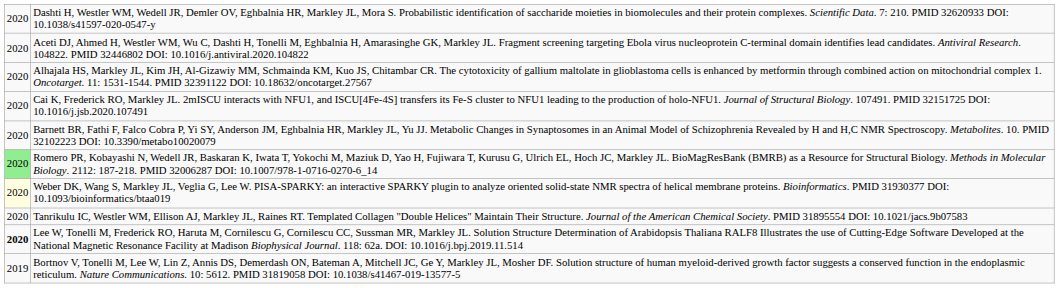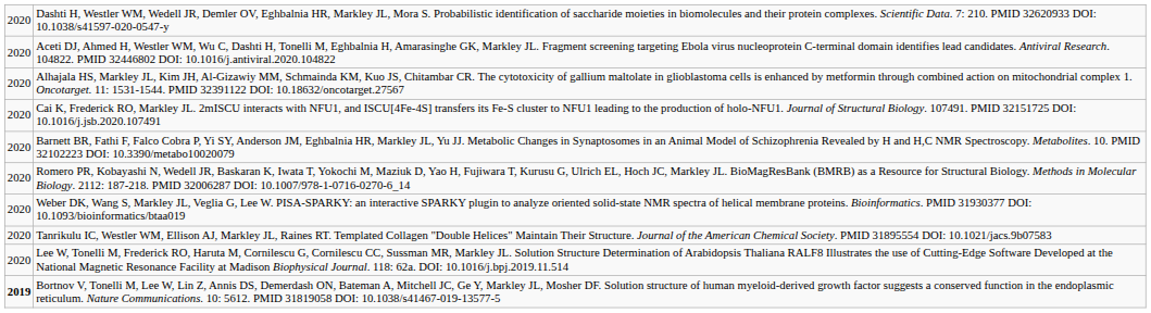 <table class="wikitable">
 <tr>
 <td>2020</td>
 <td>Dashti H, Westler WM, Wedell JR, Demler OV, Eghbalnia HR, Markley JL, Mora S. Probabilistic identification of saccharide moieties in biomolecules and their protein complexes. <em>Scientific Data</em>. 7: 210. PMID 32620933 DOI: 10.1038/s41597-020-0547-y</td>
 </tr>
 <tr>
 <td>2020</td>
 <td>Aceti DJ, Ahmed H, Westler WM, Wu C, Dashti H, Tonelli M, Eghbalnia H, Amarasinghe GK, Markley JL. Fragment screening targeting Ebola virus nucleoprotein C-terminal domain identifies lead candidates. <em>Antiviral Research</em>. 104822. PMID 32446802 DOI: 10.1016/j.antiviral.2020.104822</td>
 </tr>
 <tr>
 <td>2020</td>
 <td>Alhajala HS, Markley JL, Kim JH, Al-Gizawiy MM, Schmainda KM, Kuo JS, Chitambar CR. The cytotoxicity of gallium maltolate in glioblastoma cells is enhanced by metformin through combined action on mitochondrial complex 1. <em>Oncotarget</em>. 11: 1531-1544. PMID 32391122 DOI: 10.18632/oncotarget.27567</td>
 </tr>
 <tr>
 <td>2020</td>
 <td>Cai K, Frederick RO, Markley JL. 2mISCU interacts with NFU1, and ISCU[4Fe-4S] transfers its Fe-S cluster to NFU1 leading to the production of holo-NFU1. <em>Journal of Structural Biology</em>. 107491. PMID 32151725 DOI: 10.1016/j.jsb.2020.107491</td>
 </tr>
 <tr>
 <td>2020</td>
 <td>Barnett BR, Fathi F, Falco Cobra P, Yi SY, Anderson JM, Eghbalnia HR, Markley JL, Yu JJ. Metabolic Changes in Synaptosomes in an Animal Model of Schizophrenia Revealed by H and H,C NMR Spectroscopy. <em>Metabolites</em>. 10. PMID 32102223 DOI: 10.3390/metabo10020079</td>
 </tr>
 <tr>
-<td style="background: lightgreen;">2020</td>
+<td>2020</td>
 <td>Romero PR, Kobayashi N, Wedell JR, Baskaran K, Iwata T, Yokochi M, Maziuk D, Yao H, Fujiwara T, Kurusu G, Ulrich EL, Hoch JC, Markley JL. BioMagResBank (BMRB) as a Resource for Structural Biology. <em>Methods in Molecular Biology</em>. 2112: 187-218. PMID 32006287 DOI: 10.1007/978-1-0716-0270-6_14</td>
 </tr>
 <tr>
-<td style="background: lightyellow;">2020</td>
+<td>2020</td>
 <td>Weber DK, Wang S, Markley JL, Veglia G, Lee W. PISA-SPARKY: an interactive SPARKY plugin to analyze oriented solid-state NMR spectra of helical membrane proteins. <em>Bioinformatics</em>. PMID 31930377 DOI: 10.1093/bioinformatics/btaa019</td>
 </tr>
 <tr>
 <td>2020</td>
 <td>Tanrikulu IC, Westler WM, Ellison AJ, Markley JL, Raines RT. Templated Collagen "Double Helices" Maintain Their Structure. <em>Journal of the American Chemical Society</em>. PMID 31895554 DOI: 10.1021/jacs.9b07583</td>
 </tr>
 <tr>
-<td><strong>2020</strong></td>
+<td>2020</td>
 <td>Lee W, Tonelli M, Frederick RO, Haruta M, Cornilescu G, Cornilescu CC, Sussman MR, Markley JL. Solution Structure Determination of Arabidopsis Thaliana RALF8 Illustrates the use of Cutting-Edge Software Developed at the National Magnetic Resonance Facility at Madison <em>Biophysical Journal</em>. 118: 62a. DOI: 10.1016/j.bpj.2019.11.514</td>
 </tr>
 <tr>
-<td>2019</td>
+<td><strong>2019</strong></td>
 <td>Bortnov V, Tonelli M, Lee W, Lin Z, Annis DS, Demerdash ON, Bateman A, Mitchell JC, Ge Y, Markley JL, Mosher DF. Solution structure of human myeloid-derived growth factor suggests a conserved function in the endoplasmic reticulum. <em>Nature Communications</em>. 10: 5612. PMID 31819058 DOI: 10.1038/s41467-019-13577-5</td>
 </tr>
 </table>
